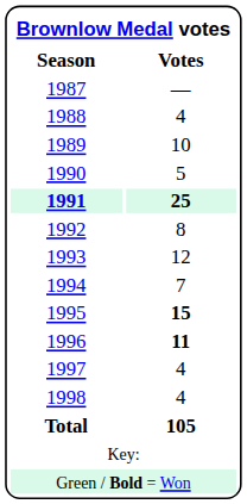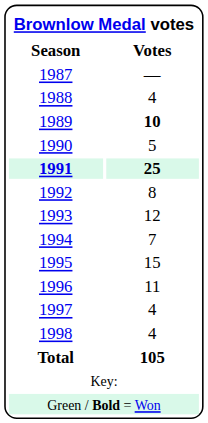 <table style="margin-right:4px; margin-top:8px; float:right; border:1px #000 solid; border-radius:8px; background:#fff; font-family:Verdana; font-size:8pt; text-align:center;">
 <tr style="background:#fff;">
 <td colspan="2;" style="padding:3px; margin-bottom:-3px; margin-top:2px; font-family:Arial; "><strong><a href='#'>Brownlow Medal</a> votes</strong></td>
 </tr>
 <tr>
 <th style="width:50%;">Season</th>
 <th style="width:50%;">Votes</th>
 </tr>
 <tr>
 <td><a href='#'>1987</a></td>
 <td>—</td>
 </tr>
 <tr>
 <td><a href='#'>1988</a></td>
 <td>4</td>
 </tr>
 <tr>
 <td><a href='#'>1989</a></td>
-<td>10</td>
+<td><strong>10</strong></td>
 </tr>
 <tr>
 <td><a href='#'>1990</a></td>
 <td>5</td>
 </tr>
 <tr style="background:#D9F9E9;">
 <td><strong><a href='#'>1991</a></strong></td>
 <td><strong>25</strong></td>
 </tr>
 <tr>
 <td><a href='#'>1992</a></td>
 <td>8</td>
 </tr>
 <tr>
 <td><a href='#'>1993</a></td>
 <td>12</td>
 </tr>
 <tr>
 <td><a href='#'>1994</a></td>
 <td>7</td>
 </tr>
 <tr>
 <td><a href='#'>1995</a></td>
-<td><strong>15</strong></td>
+<td>15</td>
 </tr>
 <tr>
 <td><a href='#'>1996</a></td>
-<td><strong>11</strong></td>
+<td>11</td>
 </tr>
 <tr>
 <td><a href='#'>1997</a></td>
 <td>4</td>
 </tr>
 <tr>
 <td><a href='#'>1998</a></td>
 <td>4</td>
 </tr>
 <tr>
 <td><strong>Total</strong></td>
 <td><strong>105</strong></td>
 </tr>
 <tr>
 <td colspan=2><small>Key:</small></td>
 </tr>
 <tr style="background:#d9f9e9; border:1px solid #aaa; width:2em;">
 <td colspan=2><small>Green / <strong>Bold</strong> = <a href='#'>Won</a></small></td>
 </tr>
 </table>
